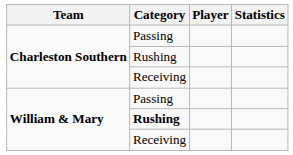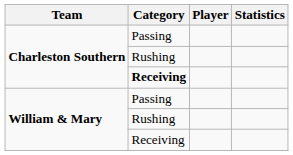 <table class="wikitable" style="float: right;">
 <tr>
 <th>Team</th>
 <th>Category</th>
 <th>Player</th>
 <th>Statistics</th>
 </tr>
 <tr>
 <td rowspan=3><strong>Charleston Southern</strong></td>
 <td>Passing</td>
 <td></td>
 <td></td>
 </tr>
 <tr>
 <td>Rushing</td>
 <td></td>
 <td></td>
 </tr>
 <tr>
-<td>Receiving</td>
+<td><strong>Receiving</strong></td>
 <td></td>
 <td></td>
 </tr>
 <tr>
 <td rowspan=3><strong>William & Mary</strong></td>
 <td>Passing</td>
 <td></td>
 <td></td>
 </tr>
 <tr>
-<td><strong>Rushing</strong></td>
+<td>Rushing</td>
 <td></td>
 <td></td>
 </tr>
 <tr>
 <td>Receiving</td>
 <td></td>
 <td></td>
 </tr>
 </table>
